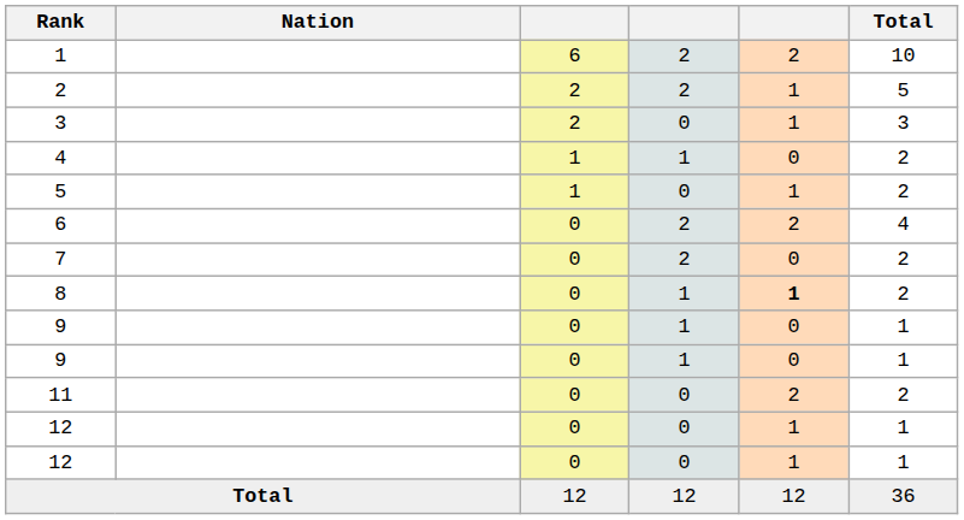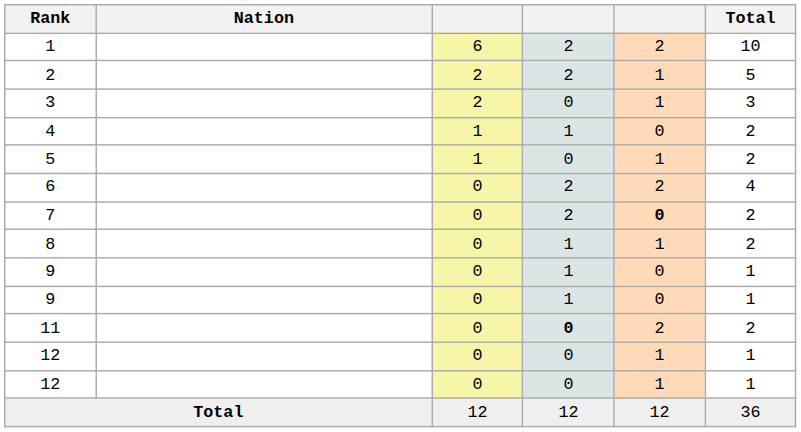 <table class=wikitable width=35% cellspacing="1" cellpadding="3" style="border:1px solid #AAAAAA;font-size:90%">
 <tr bgcolor="#EFEFEF">
 <th width=50>Rank</th>
 <th width=200>Nation</th>
 <th width=50></th>
 <th width=50></th>
 <th width=50></th>
 <th width=50>Total</th>
 </tr>
 <tr align="center" valign="top" bgcolor="#FFFFFF">
 <td rowspan="1" valign="center">1</td>
 <td align="left"></td>
 <td style="background:#F7F6A8;">6</td>
 <td style="background:#DCE5E5;">2</td>
 <td style="background:#FFDAB9;">2</td>
 <td>10</td>
 </tr>
 <tr align="center" valign="top" bgcolor="#FFFFFF">
 <td rowspan="1" valign="center">2</td>
 <td align="left"></td>
 <td style="background:#F7F6A8;">2</td>
 <td style="background:#DCE5E5;">2</td>
 <td style="background:#FFDAB9;">1</td>
 <td>5</td>
 </tr>
 <tr align="center" valign="top" bgcolor="#FFFFFF">
 <td rowspan="1" valign="center">3</td>
 <td align="left"></td>
 <td style="background:#F7F6A8;">2</td>
 <td style="background:#DCE5E5;">0</td>
 <td style="background:#FFDAB9;">1</td>
 <td>3</td>
 </tr>
 <tr align="center" valign="top" bgcolor="#FFFFFF">
 <td rowspan="1" valign="center">4</td>
 <td align="left"></td>
 <td style="background:#F7F6A8;">1</td>
 <td style="background:#DCE5E5;">1</td>
 <td style="background:#FFDAB9;">0</td>
 <td>2</td>
 </tr>
 <tr align="center" valign="top" bgcolor="#FFFFFF">
 <td rowspan="1" valign="center">5</td>
 <td align="left"></td>
 <td style="background:#F7F6A8;">1</td>
 <td style="background:#DCE5E5;">0</td>
 <td style="background:#FFDAB9;">1</td>
 <td>2</td>
 </tr>
 <tr align="center" valign="top" bgcolor="#FFFFFF">
 <td rowspan="1" valign="center">6</td>
 <td align="left"></td>
 <td style="background:#F7F6A8;">0</td>
 <td style="background:#DCE5E5;">2</td>
 <td style="background:#FFDAB9;">2</td>
 <td>4</td>
 </tr>
 <tr align="center" valign="top" bgcolor="#FFFFFF">
 <td rowspan="1" valign="center">7</td>
 <td align="left"></td>
 <td style="background:#F7F6A8;">0</td>
 <td style="background:#DCE5E5;">2</td>
-<td style="background:#FFDAB9;">0</td>
+<td style="background:#FFDAB9;"><strong>0</strong></td>
 <td>2</td>
 </tr>
 <tr align="center" valign="top" bgcolor="#FFFFFF">
 <td rowspan="1" valign="center">8</td>
 <td align="left"></td>
 <td style="background:#F7F6A8;">0</td>
 <td style="background:#DCE5E5;">1</td>
-<td style="background:#FFDAB9;"><strong>1</strong></td>
+<td style="background:#FFDAB9;">1</td>
 <td>2</td>
 </tr>
 <tr align="center" valign="top" bgcolor="#FFFFFF">
 <td rowspan="1" valign="center">9</td>
 <td align="left"></td>
 <td style="background:#F7F6A8;">0</td>
 <td style="background:#DCE5E5;">1</td>
 <td style="background:#FFDAB9;">0</td>
 <td>1</td>
 </tr>
 <tr align="center" valign="top" bgcolor="#FFFFFF">
 <td rowspan="1" valign="center">9</td>
 <td align="left"></td>
 <td style="background:#F7F6A8;">0</td>
 <td style="background:#DCE5E5;">1</td>
 <td style="background:#FFDAB9;">0</td>
 <td>1</td>
 </tr>
 <tr align="center" valign="top" bgcolor="#FFFFFF">
 <td rowspan="1" valign="center">11</td>
 <td align="left"></td>
 <td style="background:#F7F6A8;">0</td>
-<td style="background:#DCE5E5;">0</td>
+<td style="background:#DCE5E5;"><strong>0</strong></td>
 <td style="background:#FFDAB9;">2</td>
 <td>2</td>
 </tr>
 <tr align="center" valign="top" bgcolor="#FFFFFF">
 <td rowspan="1" valign="center">12</td>
 <td align="left"></td>
 <td style="background:#F7F6A8;">0</td>
 <td style="background:#DCE5E5;">0</td>
 <td style="background:#FFDAB9;">1</td>
 <td>1</td>
 </tr>
 <tr align="center" valign="top" bgcolor="#FFFFFF">
 <td rowspan="1" valign="center">12</td>
 <td align="left"></td>
 <td style="background:#F7F6A8;">0</td>
 <td style="background:#DCE5E5;">0</td>
 <td style="background:#FFDAB9;">1</td>
 <td>1</td>
 </tr>
 <tr align="center" valign="top" bgcolor="#EFEFEF">
 <td colspan="2" rowspan="1" valign="center"><strong>Total</strong></td>
 <td>12</td>
 <td>12</td>
 <td>12</td>
 <td>36</td>
 </tr>
 </table>
